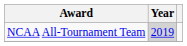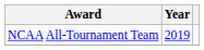 <table class="wikitable">
 <tr>
 <th>Award</th>
 <th>Year</th>
 <th></th>
 </tr>
 <tr>
 <td><a href='#'>NCAA</a> <a href='#'>All-Tournament Team</a></td>
-<td style="background: lightgrey;"><a href='#'>2019</a></td>
+<td><a href='#'>2019</a></td>
 <td></td>
 </tr>
 <tr>
 </tr>
 </table>
